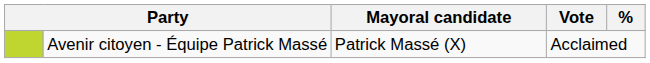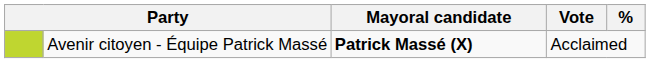 <table class="wikitable">
 <tr>
 <th bgcolor="#DDDDFF" width="230px" colspan="2">Party</th>
 <th bgcolor="#DDDDFF" width="200px">Mayoral candidate</th>
 <th bgcolor="#DDDDFF" width="50px">Vote</th>
 <th bgcolor="#DDDDFF" width="30px">%</th>
 </tr>
 <tr>
 <td bgcolor=#BFD630 width="30px"> </td>
 <td>Avenir citoyen - Équipe Patrick Massé</td>
-<td>Patrick Massé (X)</td>
+<td><strong>Patrick Massé (X)</strong></td>
 <td colspan="2">Acclaimed</td>
 </tr>
 </table>
